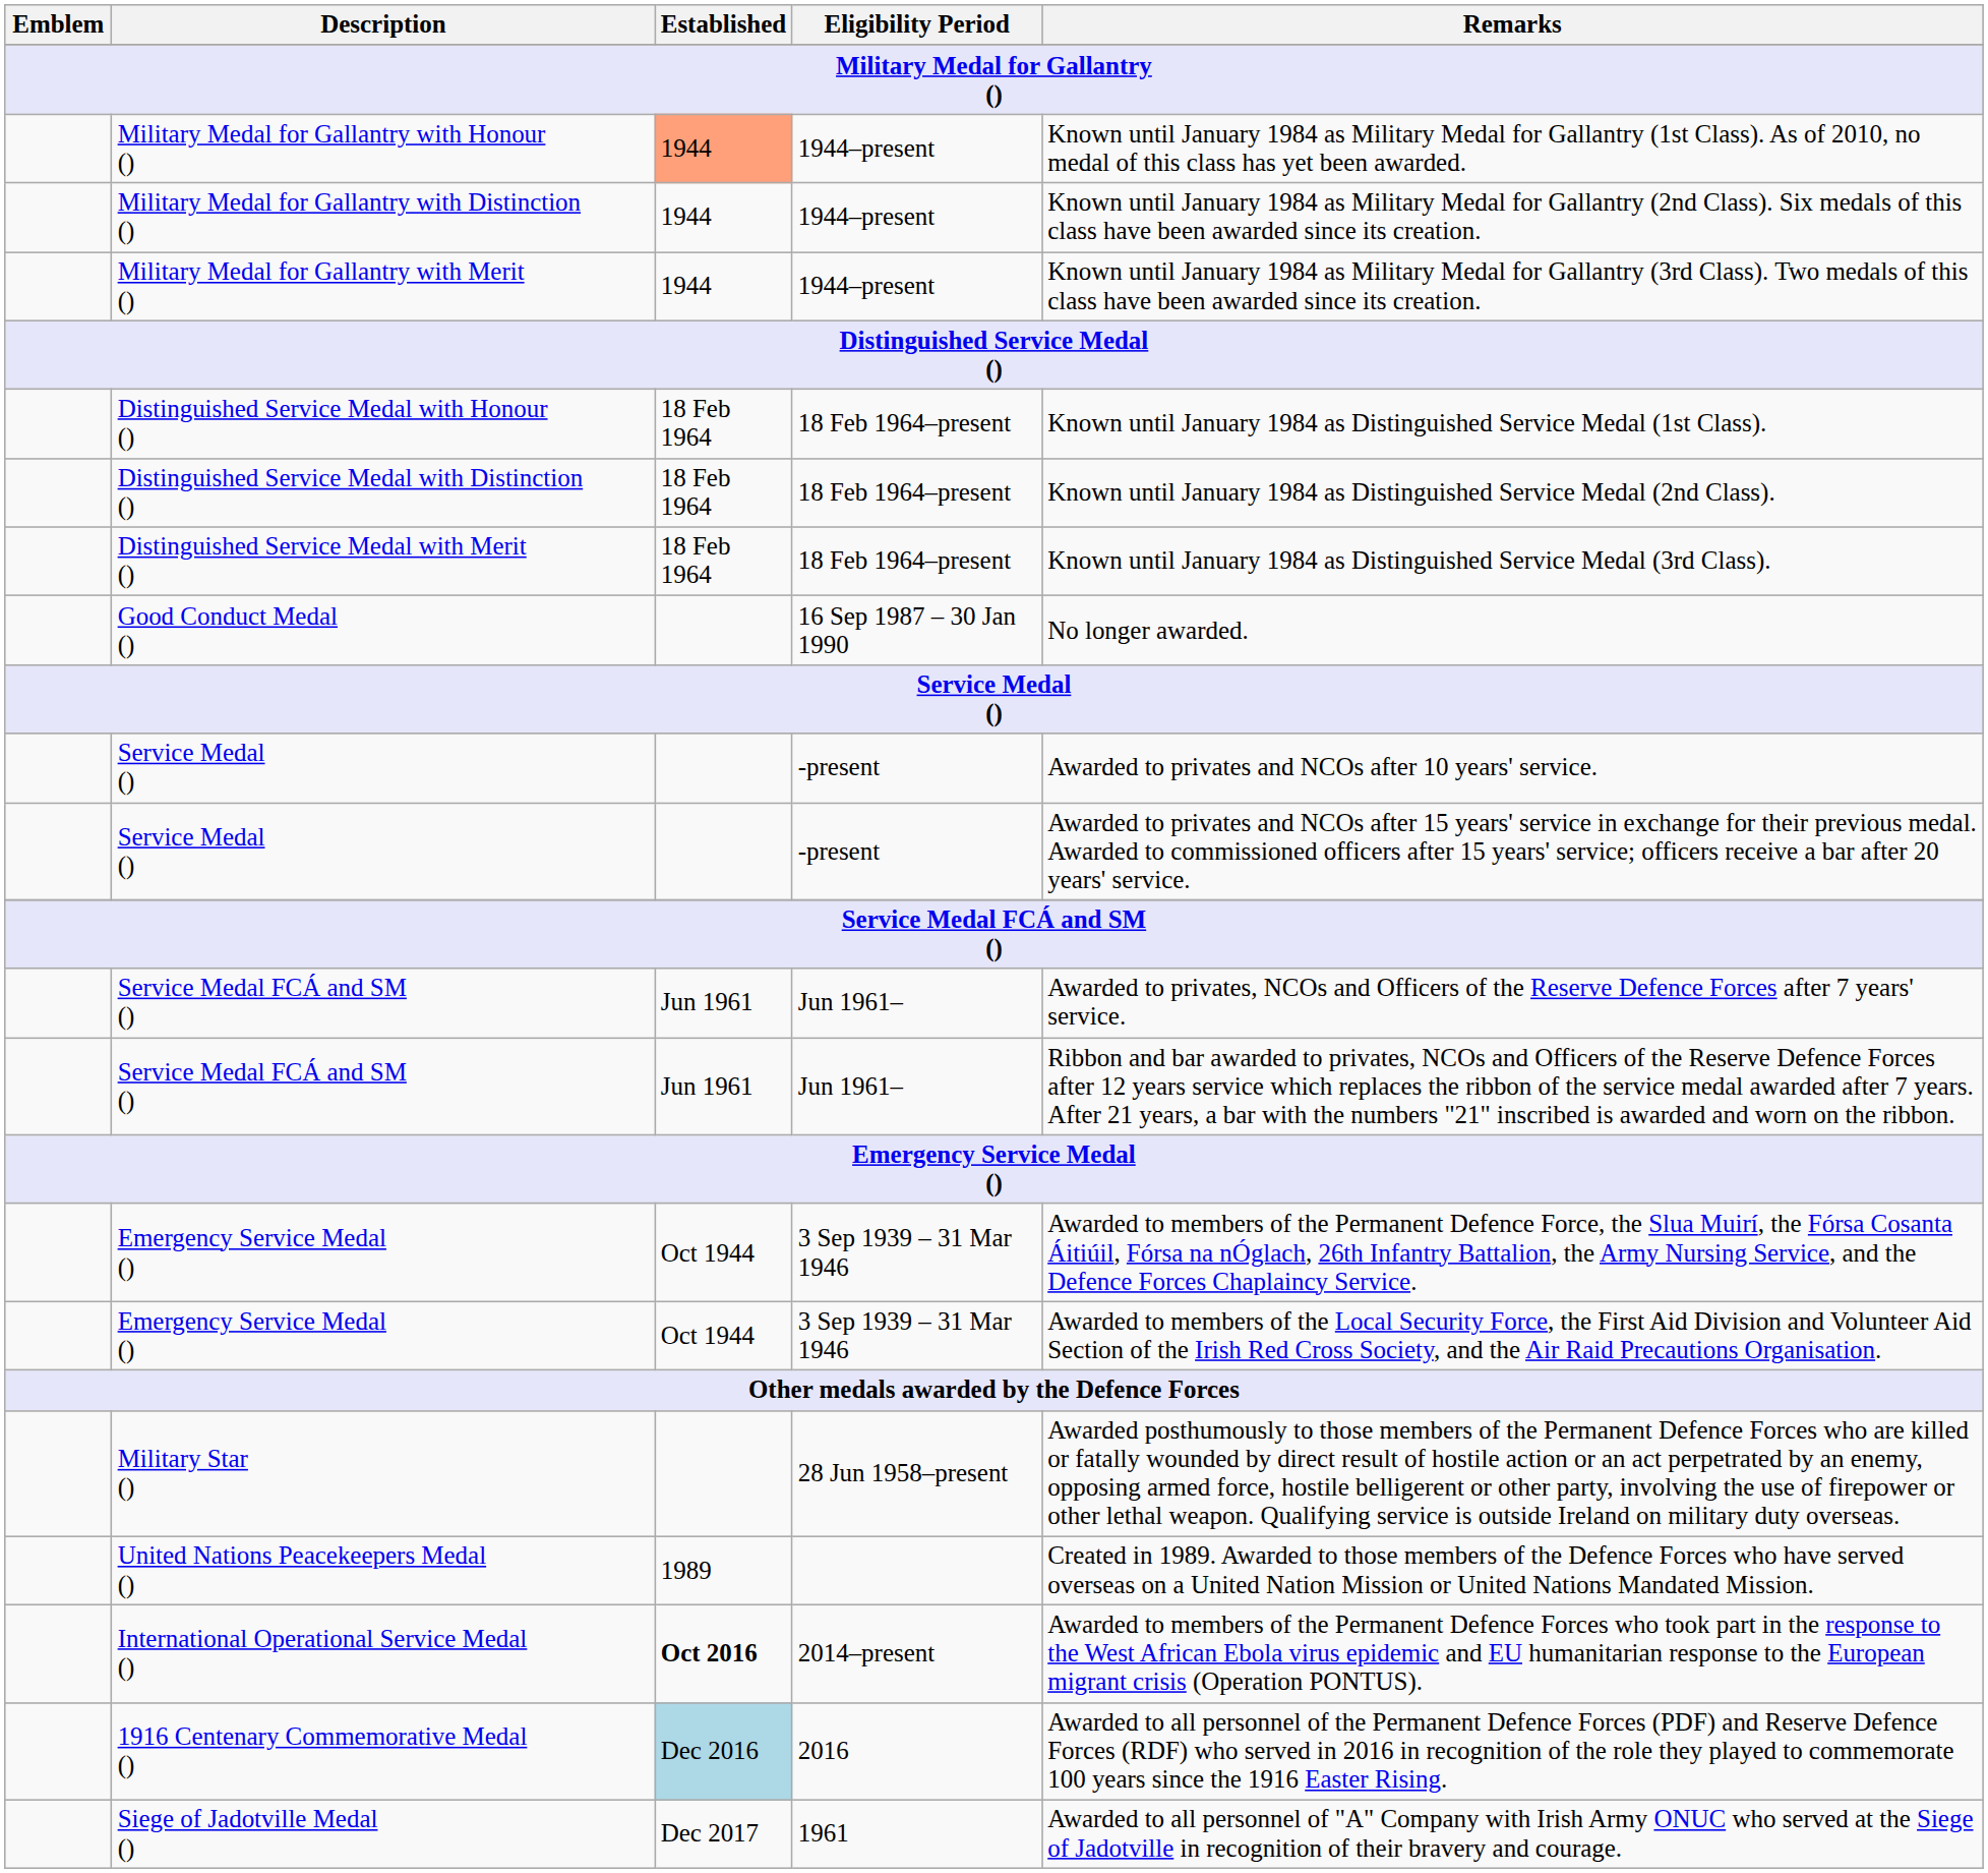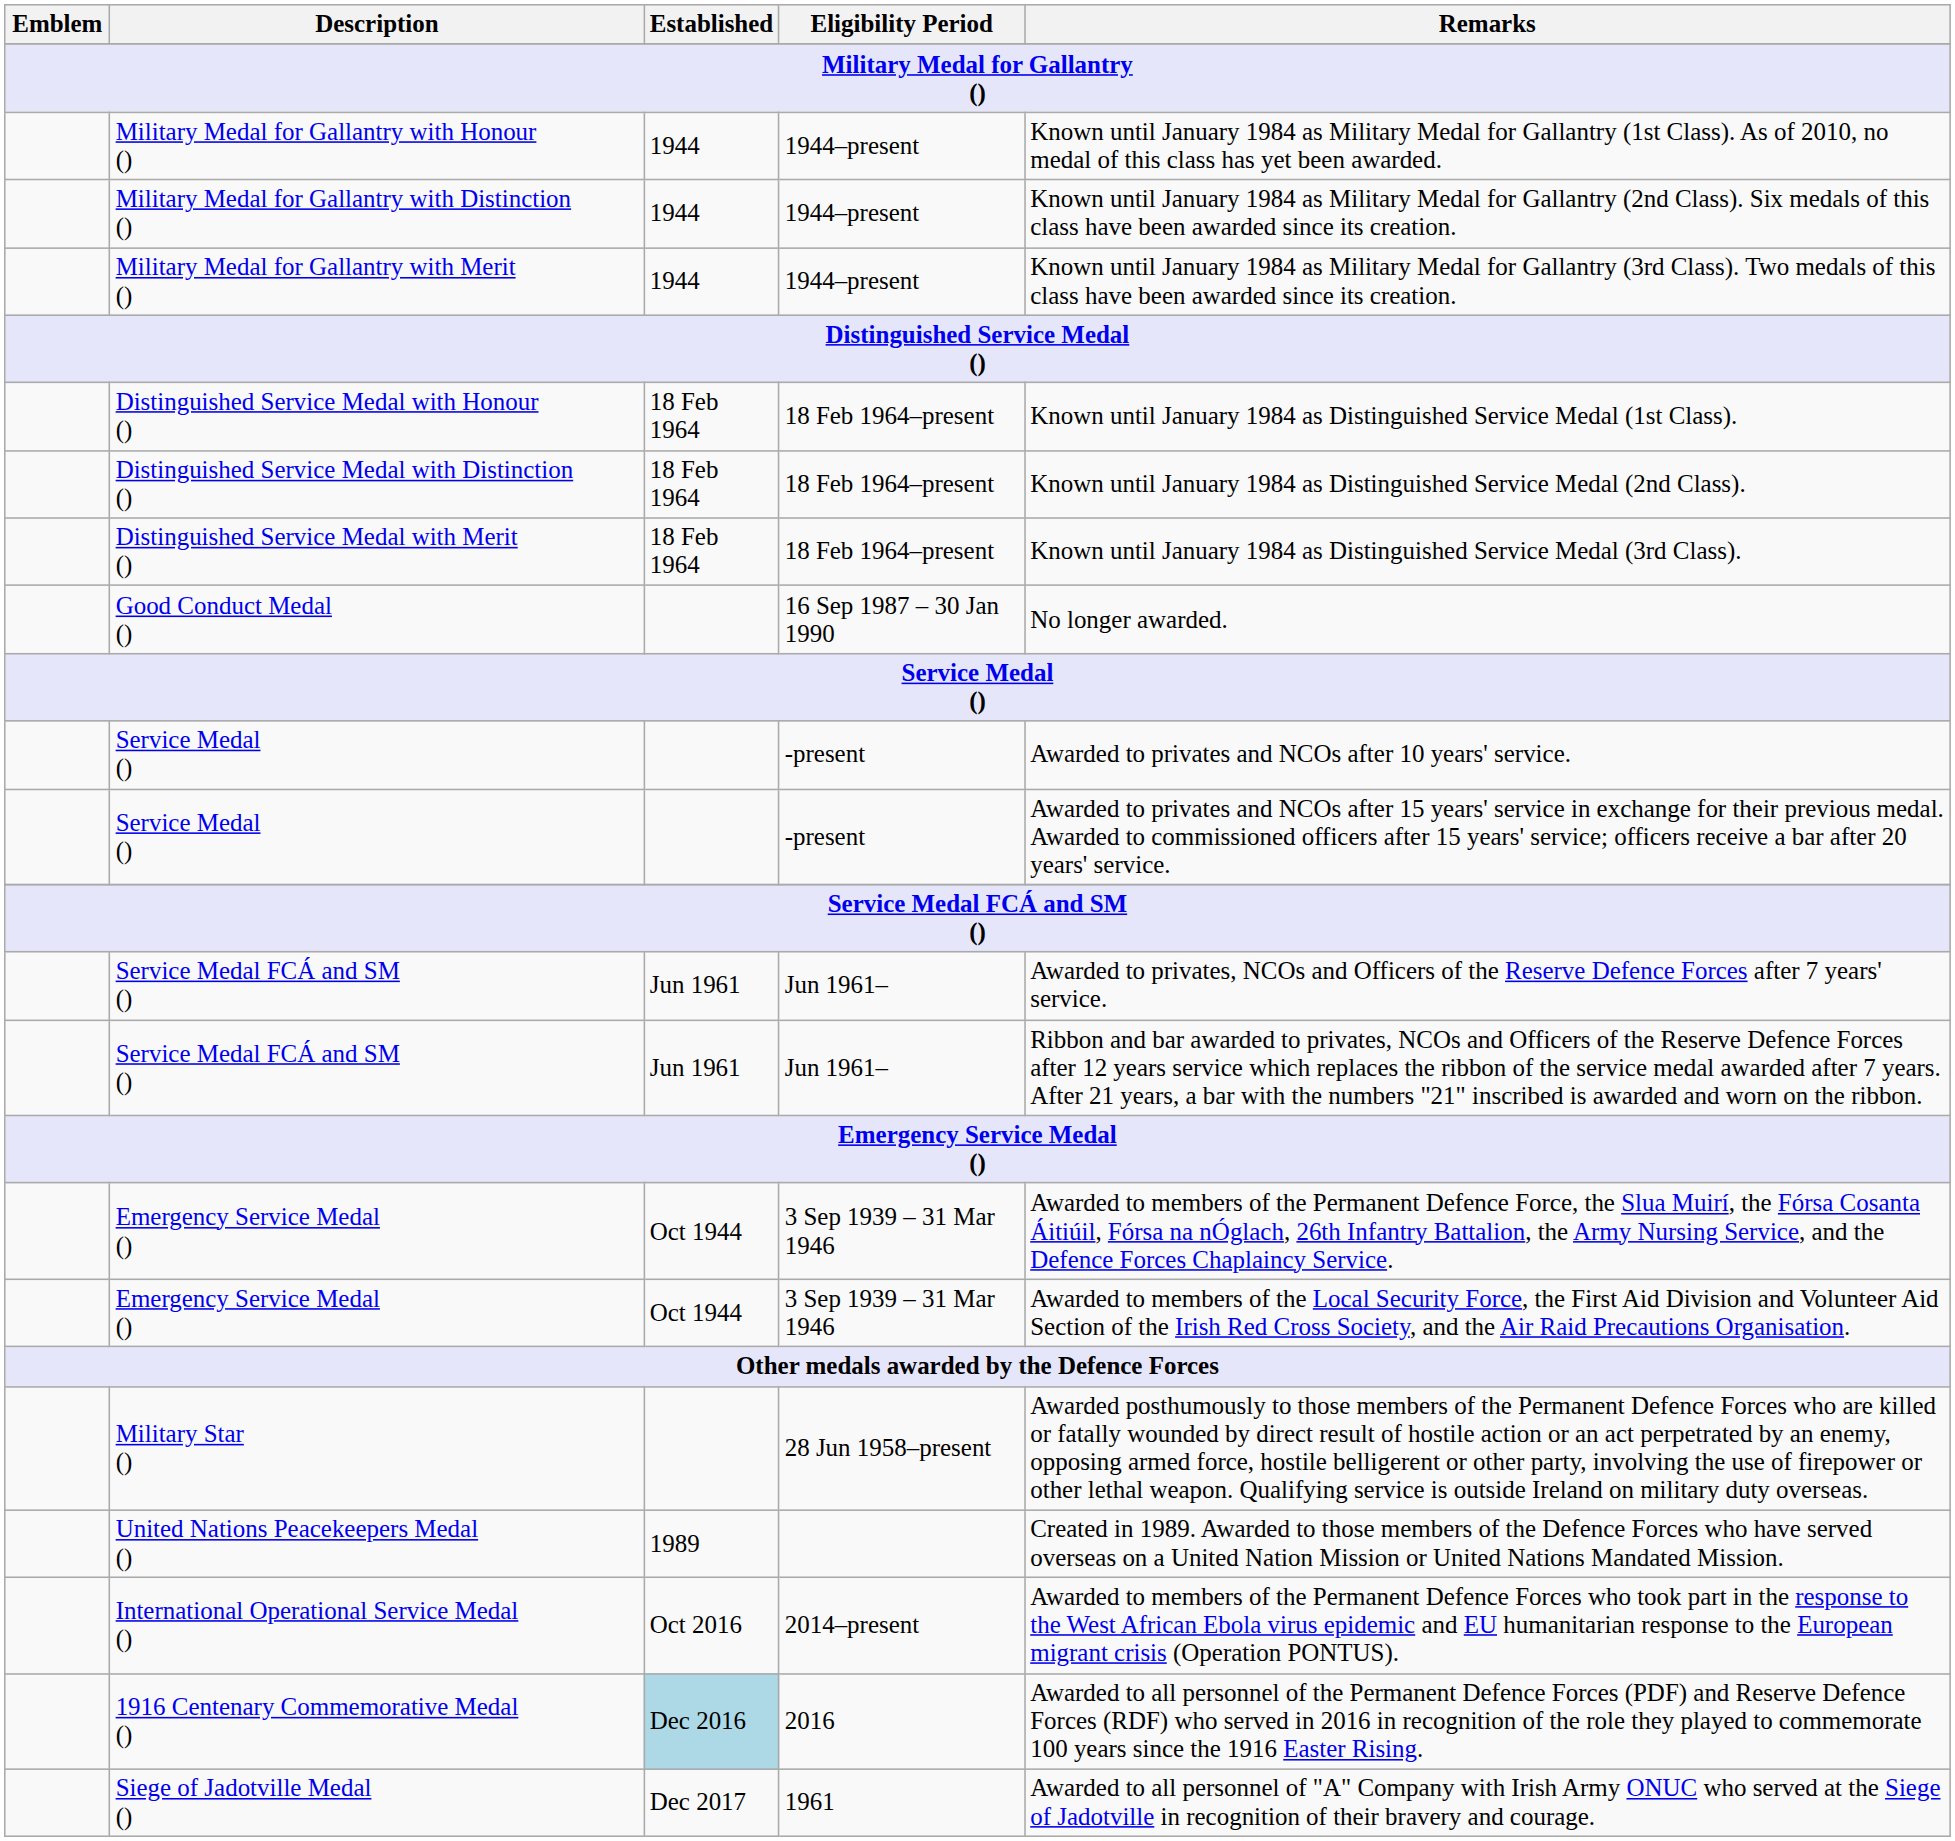 <table class="wikitable">
 <tr>
 <th width= "60">Emblem</th>
 <th width= "335">Description</th>
 <th width= "75">Established</th>
 <th width= "150">Eligibility Period</th>
 <th>Remarks</th>
 </tr>
 <tr>
 </tr>
 <tr>
 <th style="align: center; background: lavender;" colspan="7"><strong><a href='#'>Military Medal for Gallantry</a><br>()</strong></th>
 </tr>
 <tr>
 <td></td>
 <td><a href='#'>Military Medal for Gallantry with Honour</a><br>()</td>
-<td style="background: lightsalmon;">1944</td>
+<td>1944</td>
 <td>1944–present</td>
 <td>Known until January 1984 as Military Medal for Gallantry (1st Class). As of 2010, no medal of this class has yet been awarded.</td>
 </tr>
 <tr>
 <td></td>
 <td><a href='#'>Military Medal for Gallantry with Distinction</a><br>()</td>
 <td>1944</td>
 <td>1944–present</td>
 <td>Known until January 1984 as Military Medal for Gallantry (2nd Class). Six medals of this class have been awarded since its creation.</td>
 </tr>
 <tr>
 <td></td>
 <td><a href='#'>Military Medal for Gallantry with Merit</a><br>()</td>
 <td>1944</td>
 <td>1944–present</td>
 <td>Known until January 1984 as Military Medal for Gallantry (3rd Class). Two medals of this class have been awarded since its creation.</td>
 </tr>
 <tr>
 <th style="align: center; background: lavender;" colspan="7"><strong><a href='#'>Distinguished Service Medal</a><br>()</strong></th>
 </tr>
 <tr>
 <td></td>
 <td><a href='#'>Distinguished Service Medal with Honour</a><br>()</td>
 <td>18 Feb 1964</td>
 <td>18 Feb 1964–present</td>
 <td>Known until January 1984 as Distinguished Service Medal (1st Class).</td>
 </tr>
 <tr>
 <td></td>
 <td><a href='#'>Distinguished Service Medal with Distinction</a><br>()</td>
 <td>18 Feb 1964</td>
 <td>18 Feb 1964–present</td>
 <td>Known until January 1984 as Distinguished Service Medal (2nd Class).</td>
 </tr>
 <tr>
 <td></td>
 <td><a href='#'>Distinguished Service Medal with Merit</a><br>()</td>
 <td>18 Feb 1964</td>
 <td>18 Feb 1964–present</td>
 <td>Known until January 1984 as Distinguished Service Medal (3rd Class).</td>
 </tr>
 <tr>
 <td></td>
 <td><a href='#'>Good Conduct Medal</a><br>()</td>
 <td></td>
 <td>16 Sep 1987 – 30 Jan 1990</td>
 <td>No longer awarded.</td>
 </tr>
 <tr>
 <th style="align: center; background: lavender;" colspan="7"><strong><a href='#'>Service Medal</a><br>()</strong></th>
 </tr>
 <tr>
 <td></td>
 <td> <a href='#'>Service Medal</a><br> ()</td>
 <td></td>
 <td>-present</td>
 <td>Awarded to privates and NCOs after 10 years' service.</td>
 </tr>
 <tr>
 <td></td>
 <td> <a href='#'>Service Medal</a><br> ()</td>
 <td></td>
 <td>-present</td>
 <td>Awarded to privates and NCOs after 15 years' service in exchange for their previous medal. Awarded to commissioned officers after 15 years' service; officers receive a bar after 20 years' service.</td>
 </tr>
 <tr>
 </tr>
 <tr>
 <th style="align: center; background: lavender;" colspan="7"><strong><a href='#'>Service Medal FCÁ and SM</a><br>()</strong></th>
 </tr>
 <tr>
 <td></td>
 <td> <a href='#'>Service Medal FCÁ and SM</a><br> ()</td>
 <td>Jun 1961</td>
 <td>Jun 1961–</td>
 <td>Awarded to privates, NCOs and Officers of the <a href='#'>Reserve Defence Forces</a> after 7 years' service.</td>
 </tr>
 <tr>
 <td></td>
 <td> <a href='#'>Service Medal FCÁ and SM</a><br> ()</td>
 <td>Jun 1961</td>
 <td>Jun 1961–</td>
 <td>Ribbon and bar awarded to privates, NCOs and Officers of the Reserve Defence Forces after 12 years service which replaces the ribbon of the service medal awarded after 7 years. After 21 years, a bar with the numbers "21" inscribed is awarded and worn on the ribbon.</td>
 </tr>
 <tr>
 <th style="align: center; background: lavender;" colspan="7"><strong><a href='#'>Emergency Service Medal</a><br>()</strong></th>
 </tr>
 <tr>
 <td></td>
 <td> <a href='#'>Emergency Service Medal</a><br>()</td>
 <td>Oct 1944</td>
 <td>3 Sep 1939 – 31 Mar 1946</td>
 <td>Awarded to members of the Permanent Defence Force, the <a href='#'>Slua Muirí</a>, the <a href='#'>Fórsa Cosanta Áitiúil</a>, <a href='#'>Fórsa na nÓglach</a>, <a href='#'>26th Infantry Battalion</a>, the <a href='#'>Army Nursing Service</a>, and the <a href='#'>Defence Forces Chaplaincy Service</a>.</td>
 </tr>
 <tr>
 <td></td>
 <td> <a href='#'>Emergency Service Medal</a><br>()</td>
 <td>Oct 1944</td>
 <td>3 Sep 1939 – 31 Mar 1946</td>
 <td>Awarded to members of the <a href='#'>Local Security Force</a>, the First Aid Division and Volunteer Aid Section of the <a href='#'>Irish Red Cross Society</a>, and the <a href='#'>Air Raid Precautions Organisation</a>.</td>
 </tr>
 <tr>
 <th style="align: center; background: lavender;" colspan="7"><strong>Other medals awarded by the Defence Forces</strong></th>
 </tr>
 <tr>
 <td></td>
 <td><a href='#'>Military Star</a><br>()</td>
 <td></td>
 <td>28 Jun 1958–present</td>
 <td>Awarded posthumously to those members of the Permanent Defence Forces who are killed or fatally wounded by direct result of hostile action or an act perpetrated by an enemy, opposing armed force, hostile belligerent or other party, involving the use of firepower or other lethal weapon. Qualifying service is outside Ireland on military duty overseas.</td>
 </tr>
 <tr>
 <td></td>
 <td><a href='#'>United Nations Peacekeepers Medal</a><br>()</td>
 <td>1989</td>
 <td></td>
 <td>Created in 1989. Awarded to those members of the Defence Forces who have served overseas on a United Nation Mission or United Nations Mandated Mission.</td>
 </tr>
 <tr>
 <td></td>
 <td><a href='#'>International Operational Service Medal</a><br>()</td>
-<td><strong>Oct 2016</strong></td>
+<td>Oct 2016</td>
 <td>2014–present</td>
 <td>Awarded to members of the Permanent Defence Forces who took part in the <a href='#'>response to the West African Ebola virus epidemic</a> and <a href='#'>EU</a> humanitarian response to the <a href='#'>European migrant crisis</a> (Operation PONTUS).</td>
 </tr>
 <tr>
 <td></td>
 <td><a href='#'>1916 Centenary Commemorative Medal</a><br>()</td>
 <td style="background: lightblue;">Dec 2016</td>
 <td>2016</td>
 <td>Awarded to all personnel of the Permanent Defence Forces (PDF) and Reserve Defence Forces (RDF) who served in 2016 in recognition of the role they played to commemorate 100 years since the 1916 <a href='#'>Easter Rising</a>.</td>
 </tr>
 <tr>
 <td></td>
 <td><a href='#'>Siege of Jadotville Medal</a><br>()</td>
 <td>Dec 2017</td>
 <td>1961</td>
 <td>Awarded to all personnel of "A" Company with Irish Army <a href='#'>ONUC</a> who served at the <a href='#'>Siege of Jadotville</a> in recognition of their bravery and courage.</td>
 </tr>
 </table>
